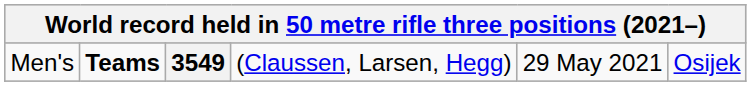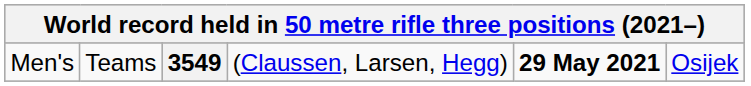 <table class="wikitable" style="font-size: 95%">
 <tr>
 <th colspan=7>World record held in <a href='#'>50 metre rifle three positions</a> (2021–)</th>
 </tr>
 <tr>
 <td>Men's</td>
-<td><strong>Teams</strong></td>
+<td>Teams</td>
 <th>3549</th>
 <td> (<a href='#'>Claussen</a>, Larsen, <a href='#'>Hegg</a>)</td>
-<td>29 May 2021</td>
+<td><strong>29 May 2021</strong></td>
 <td><a href='#'>Osijek</a> </td>
 </tr>
 </table>
